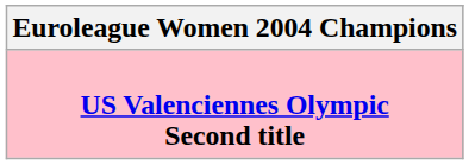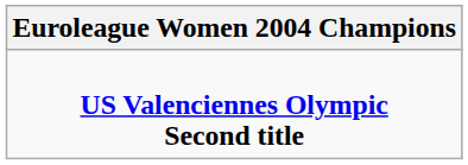 <table class=wikitable style="text-align:center; margin:auto">
 <tr>
 <th>Euroleague Women 2004 Champions</th>
 </tr>
 <tr>
-<td style="background: pink;"><br> <strong><a href='#'>US Valenciennes Olympic</a></strong> <br> <strong>Second title</strong></td>
+<td><br> <strong><a href='#'>US Valenciennes Olympic</a></strong> <br> <strong>Second title</strong></td>
 </tr>
 </table>
